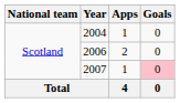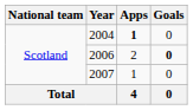 <table class=wikitable style="text-align: center;">
 <tr>
 <th>National team</th>
 <th>Year</th>
 <th>Apps</th>
 <th>Goals</th>
 </tr>
 <tr>
 <td rowspan=3><a href='#'>Scotland</a></td>
 <td>2004</td>
-<td>1</td>
+<td><strong>1</strong></td>
 <td>0</td>
 </tr>
 <tr>
 <td>2006</td>
 <td>2</td>
-<td>0</td>
+<td><strong>0</strong></td>
 </tr>
 <tr>
 <td>2007</td>
 <td>1</td>
-<td style="background: pink;">0</td>
+<td>0</td>
 </tr>
 <tr>
 <th colspan=2>Total</th>
 <th>4</th>
 <th>0</th>
 </tr>
 </table>
